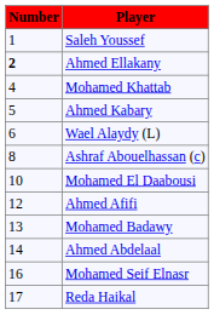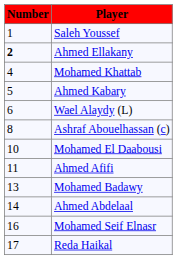 <table bgcolor="#f7f8ff" cellpadding="3" cellspacing="0" border="1" style="font-size: 95%; border: gray solid 1px; border-collapse: collapse;">
 <tr bgcolor="#ff0000">
 <td align=center><strong>Number</strong></td>
 <td align=center><strong>Player</strong></td>
 </tr>
 <tr align="left">
 <td>1</td>
 <td> <a href='#'>Saleh Youssef</a></td>
 </tr>
 <tr align=left>
 <td><strong>2</strong></td>
 <td> <a href='#'>Ahmed Ellakany</a></td>
 </tr>
 <tr align="left">
 <td>4</td>
 <td> <a href='#'>Mohamed Khattab</a></td>
 </tr>
 <tr align="left">
 <td>5</td>
 <td> <a href='#'>Ahmed Kabary</a></td>
 </tr>
 <tr align="left">
 <td>6</td>
 <td> <a href='#'>Wael Alaydy</a> (L)</td>
 </tr>
 <tr align="left">
 <td>8</td>
 <td> <a href='#'>Ashraf Abouelhassan</a> (<a href='#'>c</a>)</td>
 </tr>
 <tr align="left">
 <td>10</td>
 <td> <a href='#'>Mohamed El Daabousi</a></td>
 </tr>
 <tr align="left">
-<td>12</td>
+<td>11</td>
 <td> <a href='#'>Ahmed Afifi</a></td>
 </tr>
 <tr align="left">
 <td>13</td>
 <td> <a href='#'>Mohamed Badawy</a></td>
 </tr>
 <tr align="left">
 <td>14</td>
 <td> <a href='#'>Ahmed Abdelaal</a></td>
 </tr>
 <tr align="left">
 <td>16</td>
 <td> <a href='#'>Mohamed Seif Elnasr</a></td>
 </tr>
 <tr align="left">
 <td>17</td>
 <td> <a href='#'>Reda Haikal</a></td>
 </tr>
 </table>
